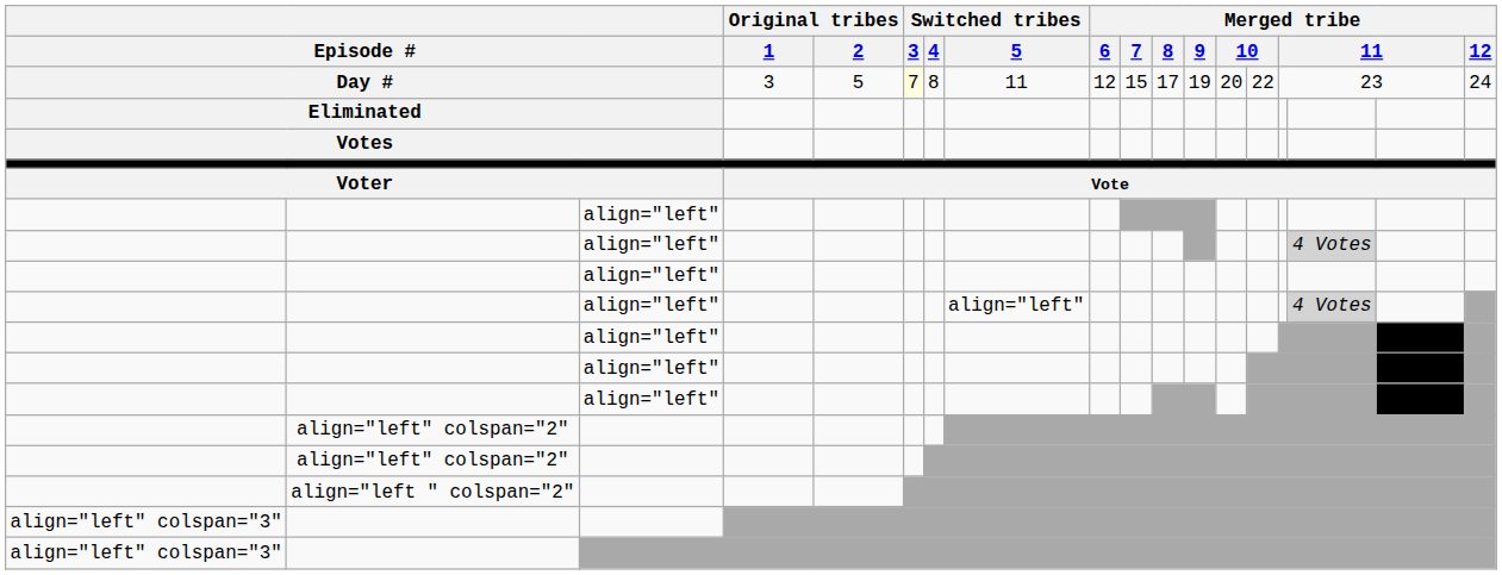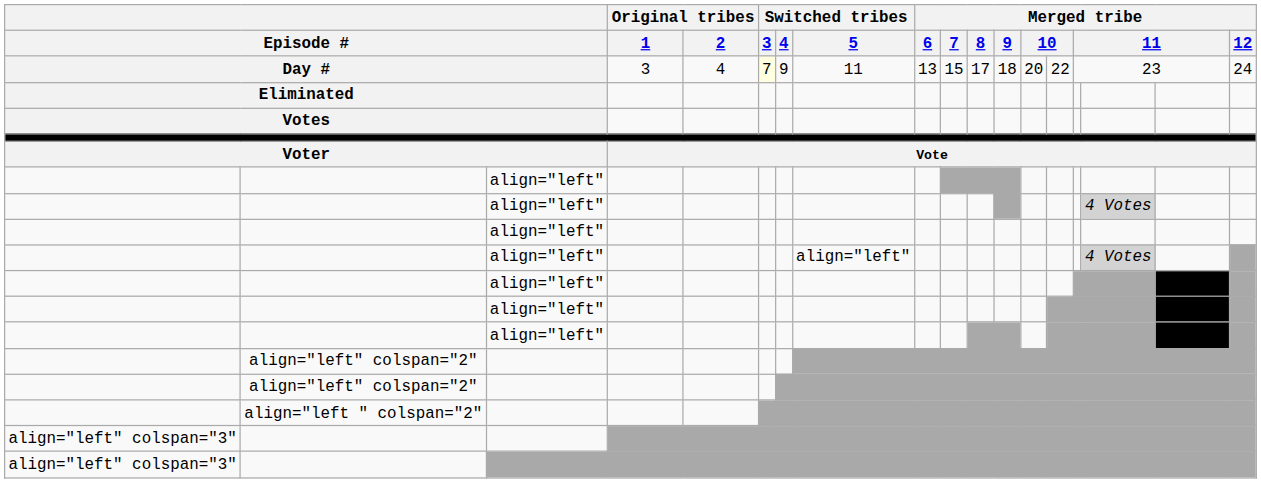 <table class="wikitable" style="text-align:center;">
 <tr>
 <th colspan=3></th>
 <th colspan=2>Original tribes</th>
 <th colspan=3>Switched tribes</th>
 <th colspan=13>Merged tribe</th>
 </tr>
 <tr>
 <th colspan=3>Episode #</th>
 <th><a href='#'>1</a></th>
 <th><a href='#'>2</a></th>
 <th><a href='#'>3</a></th>
 <th><a href='#'>4</a></th>
 <th><a href='#'>5</a></th>
 <th><a href='#'>6</a></th>
 <th><a href='#'>7</a></th>
 <th><a href='#'>8</a></th>
 <th><a href='#'>9</a></th>
 <th colspan=2><a href='#'>10</a></th>
 <th colspan=3><a href='#'>11</a></th>
 <th><a href='#'>12</a></th>
 </tr>
 <tr>
 <th colspan=3>Day #</th>
 <td>3</td>
-<td>5</td>
+<td>4</td>
 <td style="background: lightyellow;">7</td>
-<td>8</td>
+<td>9</td>
 <td>11</td>
-<td>12</td>
+<td>13</td>
 <td>15</td>
 <td>17</td>
-<td>19</td>
+<td>18</td>
 <td>20</td>
 <td>22</td>
 <td colspan="3">23</td>
 <td>24</td>
 </tr>
 <tr>
 <th colspan=3>Eliminated</th>
 <td></td>
 <td></td>
 <td></td>
 <td></td>
 <td></td>
 <td></td>
 <td></td>
 <td></td>
 <td></td>
 <td></td>
 <td></td>
 <td></td>
 <td></td>
 <td></td>
 <td></td>
 </tr>
 <tr>
 <th colspan=3>Votes</th>
 <td></td>
 <td></td>
 <td></td>
 <td></td>
 <td></td>
 <td></td>
 <td></td>
 <td></td>
 <td></td>
 <td></td>
 <td></td>
 <td></td>
 <td></td>
 <td></td>
 <td></td>
 </tr>
 <tr>
 <td style="background:black;" colspan="23"></td>
 </tr>
 <tr>
 <th colspan=3>Voter</th>
 <th colspan=20><small>Vote</small></th>
 </tr>
 <tr>
 <td></td>
 <td></td>
 <td>align="left" </td>
 <td></td>
 <td></td>
 <td></td>
 <td></td>
 <td></td>
 <td></td>
 <td style="background:darkgrey;" colspan="3"></td>
 <td></td>
 <td></td>
 <td></td>
 <td></td>
 <td></td>
 <td></td>
 </tr>
 <tr>
 <td></td>
 <td></td>
 <td>align="left" </td>
 <td></td>
 <td></td>
 <td></td>
 <td></td>
 <td></td>
 <td></td>
 <td></td>
 <td></td>
 <td style="background:darkgrey;" colspan="1"></td>
 <td></td>
 <td></td>
 <td></td>
 <td style="background:lightgrey;"><em>4 Votes</em></td>
 <td></td>
 <td></td>
 </tr>
 <tr>
 <td></td>
 <td></td>
 <td>align="left" </td>
 <td></td>
 <td></td>
 <td></td>
 <td></td>
 <td></td>
 <td></td>
 <td></td>
 <td></td>
 <td></td>
 <td></td>
 <td></td>
 <td></td>
 <td></td>
 <td></td>
 <td></td>
 </tr>
 <tr>
 <td></td>
 <td></td>
 <td>align="left" </td>
 <td></td>
 <td></td>
 <td></td>
 <td></td>
 <td>align="left" </td>
 <td></td>
 <td></td>
 <td></td>
 <td></td>
 <td></td>
 <td></td>
 <td></td>
 <td style="background:lightgrey;"><em>4 Votes</em></td>
 <td></td>
 <td style="background:darkgrey;" colspan="20"></td>
 </tr>
 <tr>
 <td></td>
 <td></td>
 <td>align="left" </td>
 <td></td>
 <td></td>
 <td></td>
 <td></td>
 <td></td>
 <td></td>
 <td></td>
 <td></td>
 <td></td>
 <td></td>
 <td></td>
 <td style="background:darkgrey;" colspan="2"></td>
 <td bgcolor="black"><span>Nicolle</span></td>
 <td style="background:darkgrey;" colspan="20"></td>
 </tr>
 <tr>
 <td></td>
 <td></td>
 <td>align="left" </td>
 <td></td>
 <td></td>
 <td></td>
 <td></td>
 <td></td>
 <td></td>
 <td></td>
 <td></td>
 <td></td>
 <td></td>
 <td style="background:darkgrey;" colspan="3"></td>
 <td bgcolor="black"><span>Nicolle</span></td>
 <td style="background:darkgrey;" colspan="20"></td>
 </tr>
 <tr>
 <td></td>
 <td></td>
 <td>align="left" </td>
 <td></td>
 <td></td>
 <td></td>
 <td></td>
 <td></td>
 <td></td>
 <td></td>
 <td style="background:darkgrey;" colspan="2"></td>
 <td></td>
 <td style="background:darkgrey;" colspan="3"></td>
 <td bgcolor="black"><span>Nicolle</span></td>
 <td style="background:darkgrey;" colspan="20"></td>
 </tr>
 <tr>
 <td></td>
 <td>align="left" colspan="2" </td>
 <td></td>
 <td></td>
 <td></td>
 <td></td>
 <td></td>
 <td style="background:darkgrey;" colspan="21"></td>
 </tr>
 <tr>
 <td></td>
 <td>align="left" colspan="2" </td>
 <td></td>
 <td></td>
 <td></td>
 <td></td>
 <td style="background:darkgrey;" colspan="21"></td>
 </tr>
 <tr>
 <td></td>
 <td>align="left " colspan="2" </td>
 <td></td>
 <td></td>
 <td></td>
 <td style="background:darkgrey;" colspan="21"></td>
 </tr>
 <tr>
 <td>align="left"  colspan="3" </td>
 <td></td>
 <td></td>
 <td style="background:darkgrey;" colspan="21"></td>
 </tr>
 <tr>
 <td>align="left" colspan="3" </td>
 <td></td>
 <td style="background:darkgrey;" colspan="21"></td>
 </tr>
 </table>
